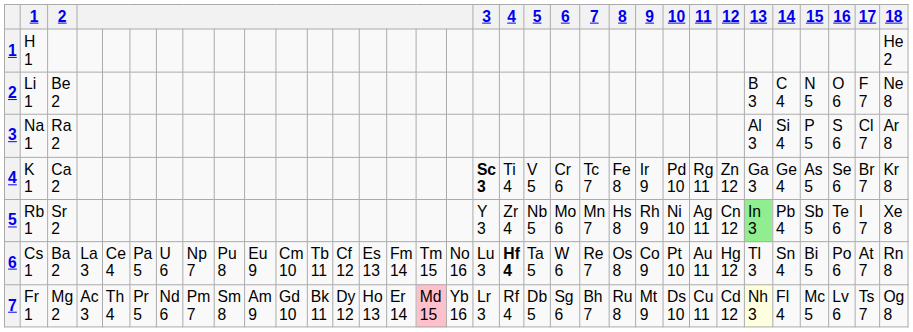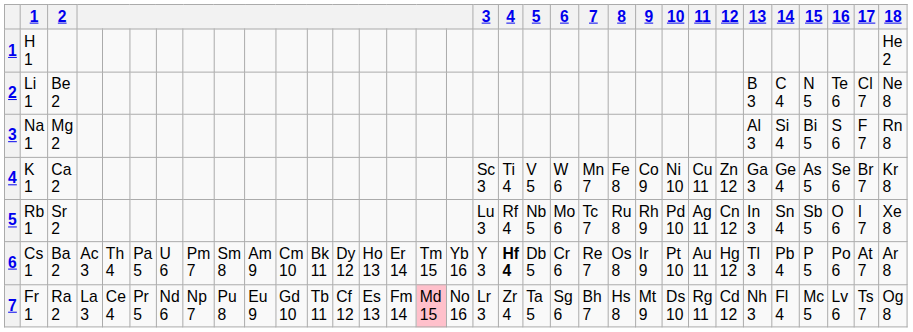 <table class="wikitable">
 <tr>
 <th></th>
 <th><a href='#'>1</a></th>
 <th><a href='#'>2</a></th>
 <th colspan=14></th>
 <th><a href='#'>3</a></th>
 <th><a href='#'>4</a></th>
 <th><a href='#'>5</a></th>
 <th><a href='#'>6</a></th>
 <th><a href='#'>7</a></th>
 <th><a href='#'>8</a></th>
 <th><a href='#'>9</a></th>
 <th><a href='#'>10</a></th>
 <th><a href='#'>11</a></th>
 <th><a href='#'>12</a></th>
 <th><a href='#'>13</a></th>
 <th><a href='#'>14</a></th>
 <th><a href='#'>15</a></th>
 <th><a href='#'>16</a></th>
 <th><a href='#'>17</a></th>
 <th><a href='#'>18</a></th>
 </tr>
 <tr>
 <th><a href='#'>1</a></th>
 <td>H<br>1</td>
 <td></td>
 <td></td>
 <td></td>
 <td></td>
 <td></td>
 <td></td>
 <td></td>
 <td></td>
 <td></td>
 <td></td>
 <td></td>
 <td></td>
 <td></td>
 <td></td>
 <td></td>
 <td></td>
 <td></td>
 <td></td>
 <td></td>
 <td></td>
 <td></td>
 <td></td>
 <td></td>
 <td></td>
 <td></td>
 <td></td>
 <td></td>
 <td></td>
 <td></td>
 <td></td>
 <td>He<br>2</td>
 </tr>
 <tr>
 <th><a href='#'>2</a></th>
 <td>Li<br>1</td>
 <td>Be<br>2</td>
 <td></td>
 <td></td>
 <td></td>
 <td></td>
 <td></td>
 <td></td>
 <td></td>
 <td></td>
 <td></td>
 <td></td>
 <td></td>
 <td></td>
 <td></td>
 <td></td>
 <td></td>
 <td></td>
 <td></td>
 <td></td>
 <td></td>
 <td></td>
 <td></td>
 <td></td>
 <td></td>
 <td></td>
 <td>B<br>3</td>
 <td>C<br>4</td>
 <td>N<br>5</td>
-<td>O<br>6</td>
-<td>F<br>7</td>
+<td>Te<br>6</td>
+<td>Cl<br>7</td>
 <td>Ne<br>8</td>
 </tr>
 <tr>
 <th><a href='#'>3</a></th>
 <td>Na<br>1</td>
-<td>Ra<br>2</td>
+<td>Mg<br>2</td>
 <td></td>
 <td></td>
 <td></td>
 <td></td>
 <td></td>
 <td></td>
 <td></td>
 <td></td>
 <td></td>
 <td></td>
 <td></td>
 <td></td>
 <td></td>
 <td></td>
 <td></td>
 <td></td>
 <td></td>
 <td></td>
 <td></td>
 <td></td>
 <td></td>
 <td></td>
 <td></td>
 <td></td>
 <td>Al<br>3</td>
 <td>Si<br>4</td>
-<td>P<br>5</td>
+<td>Bi<br>5</td>
 <td>S<br>6</td>
-<td>Cl<br>7</td>
-<td>Ar<br>8</td>
+<td>F<br>7</td>
+<td>Rn<br>8</td>
 </tr>
 <tr>
 <th><a href='#'>4</a></th>
 <td>K<br>1</td>
 <td>Ca<br>2</td>
 <td></td>
 <td></td>
 <td></td>
 <td></td>
 <td></td>
 <td></td>
 <td></td>
 <td></td>
 <td></td>
 <td></td>
 <td></td>
 <td></td>
 <td></td>
 <td></td>
-<td><strong>Sc<br>3</strong></td>
+<td>Sc<br>3</td>
 <td>Ti<br>4</td>
 <td>V<br>5</td>
-<td>Cr<br>6</td>
-<td>Tc<br>7</td>
+<td>W<br>6</td>
+<td>Mn<br>7</td>
 <td>Fe<br>8</td>
-<td>Ir<br>9</td>
-<td>Pd<br>10</td>
-<td>Rg<br>11</td>
+<td>Co<br>9</td>
+<td>Ni<br>10</td>
+<td>Cu<br>11</td>
 <td>Zn<br>12</td>
 <td>Ga<br>3</td>
 <td>Ge<br>4</td>
 <td>As<br>5</td>
 <td>Se<br>6</td>
 <td>Br<br>7</td>
 <td>Kr<br>8</td>
 </tr>
 <tr>
 <th><a href='#'>5</a></th>
 <td>Rb<br>1</td>
 <td>Sr<br>2</td>
 <td></td>
 <td></td>
 <td></td>
 <td></td>
 <td></td>
 <td></td>
 <td></td>
 <td></td>
 <td></td>
 <td></td>
 <td></td>
 <td></td>
 <td></td>
 <td></td>
-<td>Y<br>3</td>
-<td>Zr<br>4</td>
+<td>Lu<br>3</td>
+<td>Rf<br>4</td>
 <td>Nb<br>5</td>
 <td>Mo<br>6</td>
-<td>Mn<br>7</td>
-<td>Hs<br>8</td>
+<td>Tc<br>7</td>
+<td>Ru<br>8</td>
 <td>Rh<br>9</td>
-<td>Ni<br>10</td>
+<td>Pd<br>10</td>
 <td>Ag<br>11</td>
 <td>Cn<br>12</td>
-<td style="background: lightgreen;">In<br>3</td>
-<td>Pb<br>4</td>
+<td>In<br>3</td>
+<td>Sn<br>4</td>
 <td>Sb<br>5</td>
-<td>Te<br>6</td>
+<td>O<br>6</td>
 <td>I<br>7</td>
 <td>Xe<br>8</td>
 </tr>
 <tr>
 <th><a href='#'>6</a></th>
 <td>Cs<br>1</td>
 <td>Ba<br>2</td>
+<td>Ac<br>3</td>
+<td>Th<br>4</td>
+<td>Pa<br>5</td>
+<td>U<br>6</td>
+<td>Pm<br>7</td>
+<td>Sm<br>8</td>
+<td>Am<br>9</td>
+<td>Cm<br>10</td>
+<td>Bk<br>11</td>
+<td>Dy<br>12</td>
+<td>Ho<br>13</td>
+<td>Er<br>14</td>
+<td>Tm<br>15</td>
+<td>Yb<br>16</td>
+<td>Y<br>3</td>
+<td><strong>Hf<br>4</strong></td>
+<td>Db<br>5</td>
+<td>Cr<br>6</td>
+<td>Re<br>7</td>
+<td>Os<br>8</td>
+<td>Ir<br>9</td>
+<td>Pt<br>10</td>
+<td>Au<br>11</td>
+<td>Hg<br>12</td>
+<td>Tl<br>3</td>
+<td>Pb<br>4</td>
+<td>P<br>5</td>
+<td>Po<br>6</td>
+<td>At<br>7</td>
+<td>Ar<br>8</td>
+</tr>
+<tr>
+<th><a href='#'>7</a></th>
+<td>Fr<br>1</td>
+<td>Ra<br>2</td>
 <td>La<br>3</td>
 <td>Ce<br>4</td>
-<td>Pa<br>5</td>
-<td>U<br>6</td>
+<td>Pr<br>5</td>
+<td>Nd<br>6</td>
 <td>Np<br>7</td>
 <td>Pu<br>8</td>
 <td>Eu<br>9</td>
-<td>Cm<br>10</td>
+<td>Gd<br>10</td>
 <td>Tb<br>11</td>
 <td>Cf<br>12</td>
 <td>Es<br>13</td>
 <td>Fm<br>14</td>
-<td>Tm<br>15</td>
+<td style="background: pink;">Md<br>15</td>
 <td>No<br>16</td>
-<td>Lu<br>3</td>
-<td><strong>Hf<br>4</strong></td>
+<td>Lr<br>3</td>
+<td>Zr<br>4</td>
 <td>Ta<br>5</td>
-<td>W<br>6</td>
-<td>Re<br>7</td>
-<td>Os<br>8</td>
-<td>Co<br>9</td>
-<td>Pt<br>10</td>
-<td>Au<br>11</td>
-<td>Hg<br>12</td>
-<td>Tl<br>3</td>
-<td>Sn<br>4</td>
-<td>Bi<br>5</td>
-<td>Po<br>6</td>
-<td>At<br>7</td>
-<td>Rn<br>8</td>
-</tr>
-<tr>
-<th><a href='#'>7</a></th>
-<td>Fr<br>1</td>
-<td>Mg<br>2</td>
-<td>Ac<br>3</td>
-<td>Th<br>4</td>
-<td>Pr<br>5</td>
-<td>Nd<br>6</td>
-<td>Pm<br>7</td>
-<td>Sm<br>8</td>
-<td>Am<br>9</td>
-<td>Gd<br>10</td>
-<td>Bk<br>11</td>
-<td>Dy<br>12</td>
-<td>Ho<br>13</td>
-<td>Er<br>14</td>
-<td style="background: pink;">Md<br>15</td>
-<td>Yb<br>16</td>
-<td>Lr<br>3</td>
-<td>Rf<br>4</td>
-<td>Db<br>5</td>
 <td>Sg<br>6</td>
 <td>Bh<br>7</td>
-<td>Ru<br>8</td>
+<td>Hs<br>8</td>
 <td>Mt<br>9</td>
 <td>Ds<br>10</td>
-<td>Cu<br>11</td>
+<td>Rg<br>11</td>
 <td>Cd<br>12</td>
-<td style="background: lightyellow;">Nh<br>3</td>
+<td>Nh<br>3</td>
 <td>Fl<br>4</td>
 <td>Mc<br>5</td>
 <td>Lv<br>6</td>
 <td>Ts<br>7</td>
 <td>Og<br>8</td>
 </tr>
 </table>
